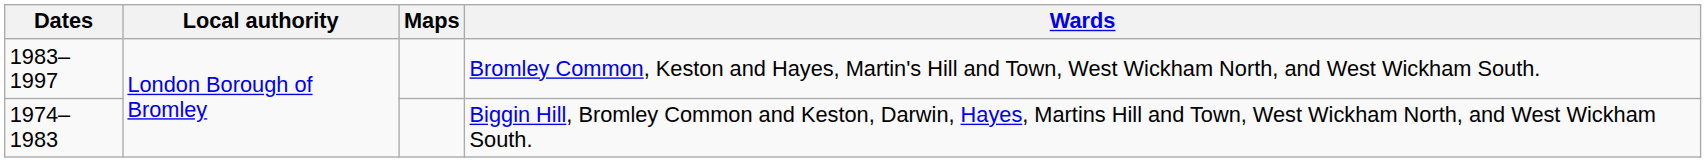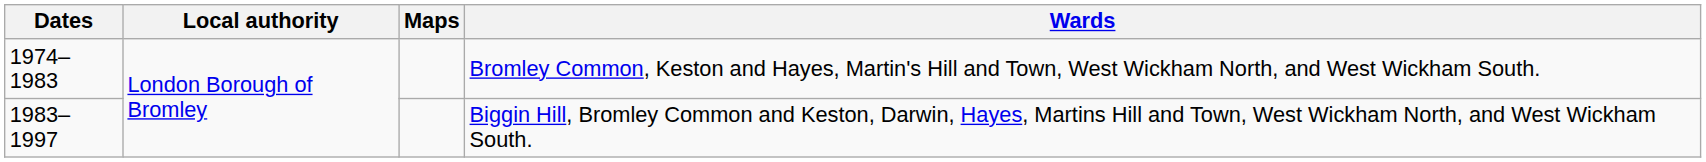 <table class=wikitable>
 <tr>
 <th>Dates</th>
 <th>Local authority</th>
 <th>Maps</th>
 <th><a href='#'>Wards</a></th>
 </tr>
 <tr>
-<td>1983–1997</td>
+<td>1974–1983</td>
 <td rowspan="4"><a href='#'>London Borough of Bromley</a></td>
 <td></td>
 <td><a href='#'>Bromley Common</a>, Keston and Hayes, Martin's Hill and Town, West Wickham North, and West Wickham South.</td>
 </tr>
 <tr>
-<td>1974–1983</td>
+<td>1983–1997</td>
 <td></td>
 <td><a href='#'>Biggin Hill</a>, Bromley Common and Keston, Darwin, <a href='#'>Hayes</a>, Martins Hill and Town, West Wickham North, and West Wickham South.</td>
 </tr>
 </table>
